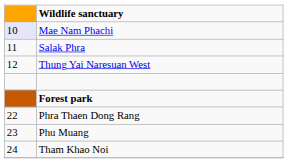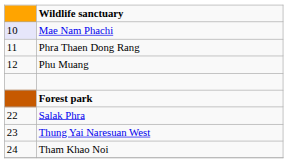 <table class="wikitable" style="width:33%; display:inline-table;">
 <tr>
 <td style="width:3%; background:#FFA400;"> </td>
 <td style="width:30%;"><strong>Wildlife sanctuary</strong></td>
 </tr>
 <tr>
 <td style="background: lavender;">10</td>
 <td><a href='#'>Mae Nam Phachi</a></td>
 </tr>
 <tr>
 <td>11</td>
-<td><a href='#'>Salak Phra</a></td>
+<td>Phra Thaen Dong Rang</td>
 </tr>
 <tr>
 <td>12</td>
-<td><a href='#'>Thung Yai Naresuan West</a></td>
+<td>Phu Muang</td>
 </tr>
 <tr>
 <td>  </td>
 </tr>
 <tr>
 <td style="width:3%; background:#C65900;"> </td>
 <td style="width:30%;"><strong>Forest park</strong></td>
 </tr>
 <tr>
 <td>22</td>
-<td>Phra Thaen Dong Rang</td>
+<td><a href='#'>Salak Phra</a></td>
 </tr>
 <tr>
 <td>23</td>
-<td>Phu Muang</td>
+<td><a href='#'>Thung Yai Naresuan West</a></td>
 </tr>
 <tr>
 <td>24</td>
 <td>Tham Khao Noi</td>
 </tr>
 <tr>
 </tr>
 </table>
